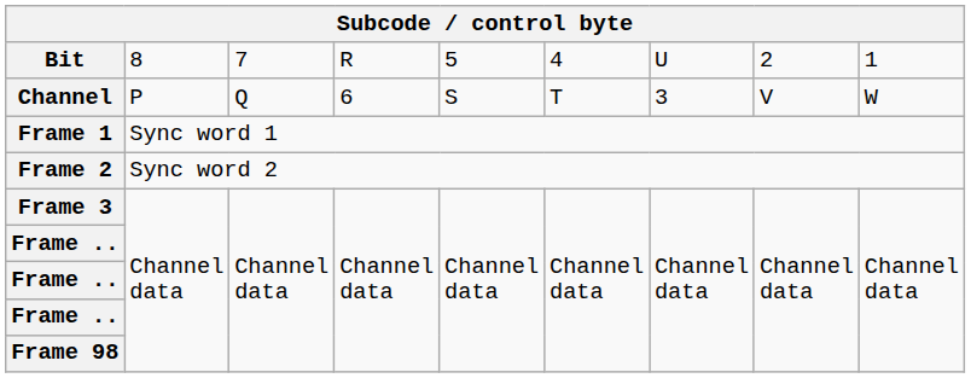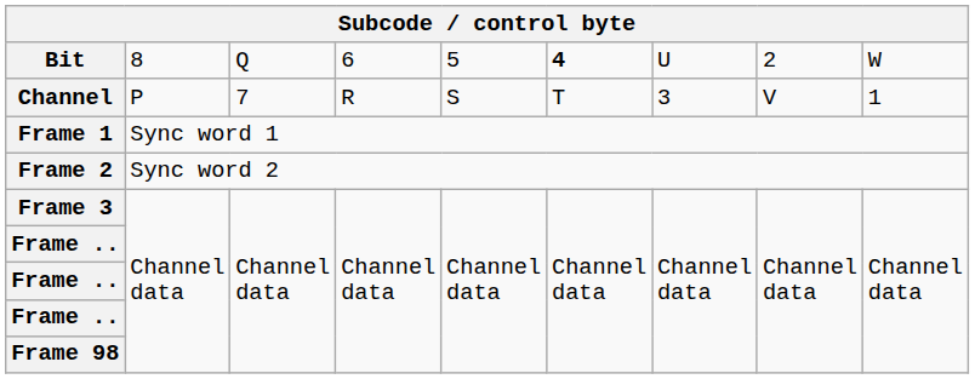 <table class="wikitable">
 <tr>
 <th colspan=9>Subcode / control byte</th>
 </tr>
 <tr>
 <th>Bit</th>
 <td>8</td>
-<td>7</td>
-<td>R</td>
+<td>Q</td>
+<td>6</td>
 <td>5</td>
-<td>4</td>
+<td><strong>4</strong></td>
 <td>U</td>
 <td>2</td>
-<td>1</td>
+<td>W</td>
 </tr>
 <tr>
 <th>Channel</th>
 <td>P</td>
-<td>Q</td>
-<td>6</td>
+<td>7</td>
+<td>R</td>
 <td>S</td>
 <td>T</td>
 <td>3</td>
 <td>V</td>
-<td>W</td>
+<td>1</td>
 </tr>
 <tr>
 <th>Frame 1</th>
 <td colspan=8>Sync word 1</td>
 </tr>
 <tr>
 <th>Frame 2</th>
 <td colspan=8>Sync word 2</td>
 </tr>
 <tr>
 <th>Frame 3</th>
 <td rowspan=5>Channel<br>data</td>
 <td rowspan=5>Channel<br>data</td>
 <td rowspan=5>Channel<br>data</td>
 <td rowspan=5>Channel<br>data</td>
 <td rowspan=5>Channel<br>data</td>
 <td rowspan=5>Channel<br>data</td>
 <td rowspan=5>Channel<br>data</td>
 <td rowspan=5>Channel<br>data</td>
 </tr>
 <tr>
 <th>Frame ..</th>
 </tr>
 <tr>
 <th>Frame ..</th>
 </tr>
 <tr>
 <th>Frame ..</th>
 </tr>
 <tr>
 <th>Frame 98</th>
 </tr>
 </table>
